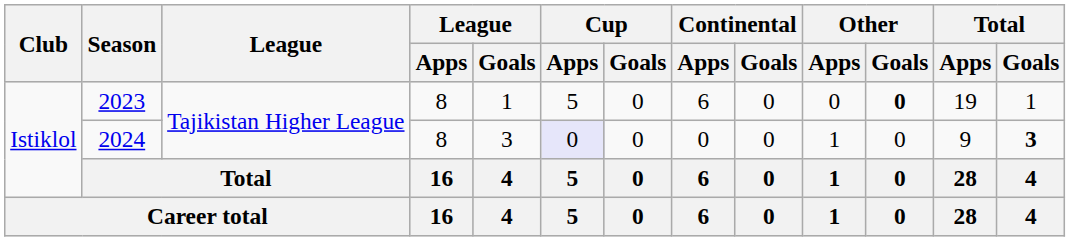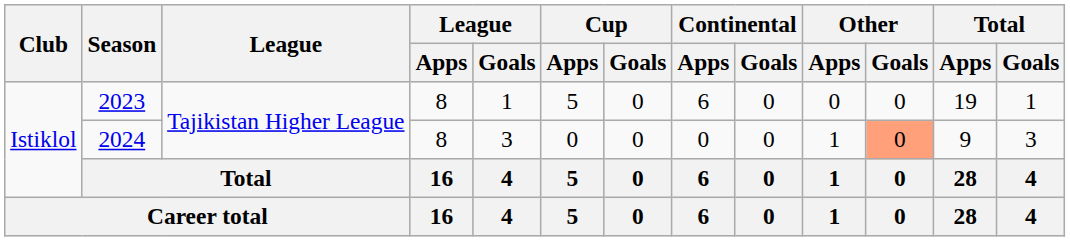 <table class="wikitable" style="text-align:center;font-size:95%">
 <tr>
 <th rowspan="2">Club</th>
 <th rowspan="2">Season</th>
 <th rowspan="2">League</th>
 <th colspan="2">League</th>
 <th colspan="2">Cup</th>
 <th colspan="2">Continental</th>
 <th colspan="2">Other</th>
 <th colspan="2">Total</th>
 </tr>
 <tr>
 <th>Apps</th>
 <th>Goals</th>
 <th>Apps</th>
 <th>Goals</th>
 <th>Apps</th>
 <th>Goals</th>
 <th>Apps</th>
 <th>Goals</th>
 <th>Apps</th>
 <th>Goals</th>
 </tr>
 <tr>
 <td rowspan=3><a href='#'>Istiklol</a></td>
 <td><a href='#'>2023</a></td>
 <td rowspan=2><a href='#'>Tajikistan Higher League</a></td>
 <td>8</td>
 <td>1</td>
 <td>5</td>
 <td>0</td>
 <td>6</td>
 <td>0</td>
 <td>0</td>
-<td><strong>0</strong></td>
+<td>0</td>
 <td>19</td>
 <td>1</td>
 </tr>
 <tr>
 <td><a href='#'>2024</a></td>
 <td>8</td>
 <td>3</td>
-<td style="background: lavender;">0</td>
+<td>0</td>
 <td>0</td>
 <td>0</td>
 <td>0</td>
 <td>1</td>
-<td>0</td>
+<td style="background: lightsalmon;">0</td>
 <td>9</td>
-<td><strong>3</strong></td>
+<td>3</td>
 </tr>
 <tr>
 <th colspan="2">Total</th>
 <th>16</th>
 <th>4</th>
 <th>5</th>
 <th>0</th>
 <th>6</th>
 <th>0</th>
 <th>1</th>
 <th>0</th>
 <th>28</th>
 <th>4</th>
 </tr>
 <tr>
 <th colspan=3>Career total</th>
 <th>16</th>
 <th>4</th>
 <th>5</th>
 <th>0</th>
 <th>6</th>
 <th>0</th>
 <th>1</th>
 <th>0</th>
 <th>28</th>
 <th>4</th>
 </tr>
 </table>
